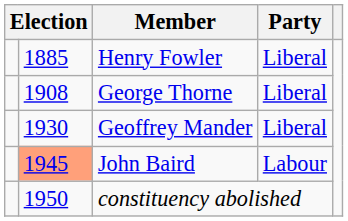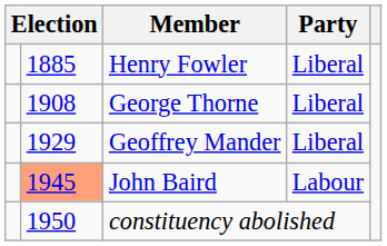 <table class="wikitable">
 <tr>
 <th colspan="2">Election</th>
 <th>Member</th>
 <th>Party</th>
 <th></th>
 </tr>
 <tr>
 <td style="color:inherit;background-color: "></td>
 <td><a href='#'>1885</a></td>
 <td><a href='#'>Henry Fowler</a></td>
 <td><a href='#'>Liberal</a></td>
 </tr>
 <tr>
 <td style="color:inherit;background-color: "></td>
 <td><a href='#'>1908</a></td>
 <td><a href='#'>George Thorne</a></td>
 <td><a href='#'>Liberal</a></td>
 </tr>
 <tr>
 <td style="color:inherit;background-color: "></td>
-<td><a href='#'>1930</a></td>
+<td><a href='#'>1929</a></td>
 <td><a href='#'>Geoffrey Mander</a></td>
 <td><a href='#'>Liberal</a></td>
 </tr>
 <tr>
 <td style="color:inherit;background-color: "></td>
 <td style="background: lightsalmon;"><a href='#'>1945</a></td>
 <td><a href='#'>John Baird</a></td>
 <td><a href='#'>Labour</a></td>
 </tr>
 <tr>
 <td></td>
 <td><a href='#'>1950</a></td>
 <td colspan="2"><em>constituency abolished</em></td>
 </tr>
 </table>
